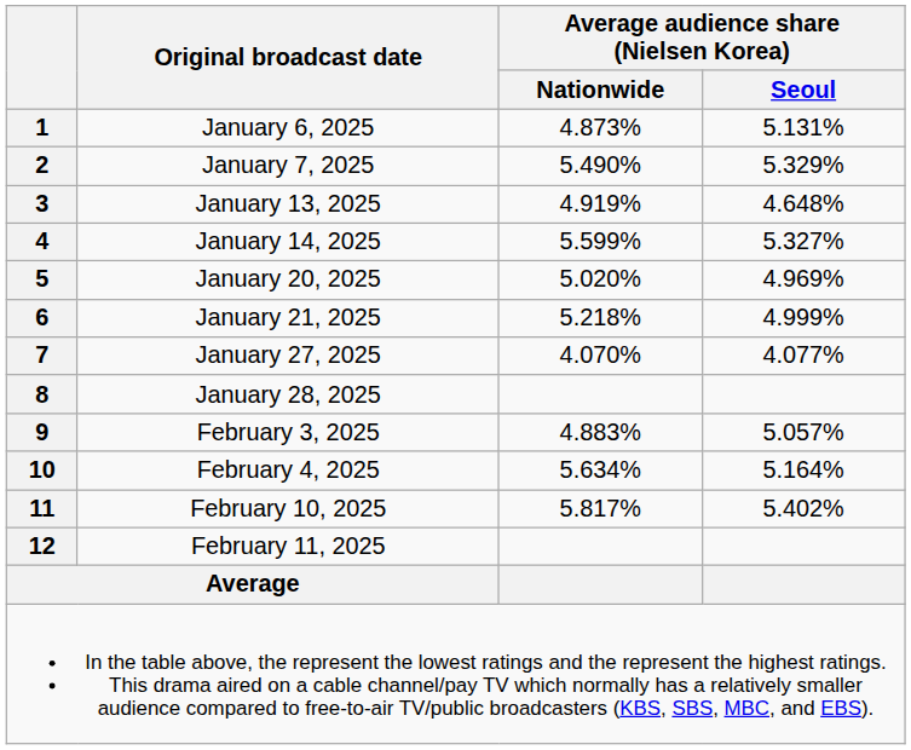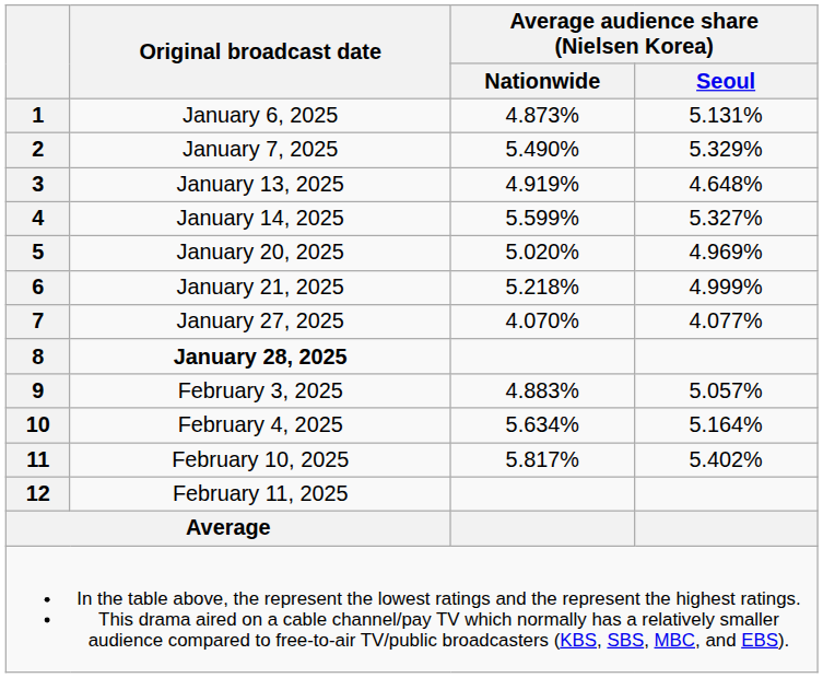 <table class="wikitable" style="margin-left:auto; margin-right:auto; width:600px; text-align:center">
 <tr>
 <th scope="col" rowspan="2"></th>
 <th scope="col" rowspan="2">Original broadcast date</th>
 <th scope="col" colspan="2">Average audience share<br>(Nielsen Korea)</th>
 </tr>
 <tr>
 <th scope="col" style="width:8em">Nationwide</th>
 <th scope="col" style="width:8em"><a href='#'>Seoul</a></th>
 </tr>
 <tr>
 <th scope="row">1</th>
 <td>January 6, 2025</td>
 <td>4.873% </td>
 <td>5.131% </td>
 </tr>
 <tr>
 <th scope="row">2</th>
 <td>January 7, 2025</td>
 <td>5.490% </td>
 <td>5.329% </td>
 </tr>
 <tr>
 <th scope="row">3</th>
 <td>January 13, 2025</td>
 <td>4.919% </td>
 <td>4.648% </td>
 </tr>
 <tr>
 <th scope="row">4</th>
 <td>January 14, 2025</td>
 <td>5.599% </td>
 <td>5.327% </td>
 </tr>
 <tr>
 <th scope="row">5</th>
 <td>January 20, 2025</td>
 <td>5.020% </td>
 <td>4.969% </td>
 </tr>
 <tr>
 <th scope="row">6</th>
 <td>January 21, 2025</td>
 <td>5.218% </td>
 <td>4.999% </td>
 </tr>
 <tr>
 <th scope="row">7</th>
 <td>January 27, 2025</td>
 <td>4.070% </td>
 <td>4.077% </td>
 </tr>
 <tr>
 <th scope="row">8</th>
-<td>January 28, 2025</td>
+<td><strong>January 28, 2025</strong></td>
 <td><strong></strong> </td>
 <td><strong></strong> </td>
 </tr>
 <tr>
 <th scope="row">9</th>
 <td>February 3, 2025</td>
 <td>4.883% </td>
 <td>5.057% </td>
 </tr>
 <tr>
 <th scope="row">10</th>
 <td>February 4, 2025</td>
 <td>5.634% </td>
 <td>5.164% </td>
 </tr>
 <tr>
 <th scope="row">11</th>
 <td>February 10, 2025</td>
 <td>5.817% </td>
 <td>5.402% </td>
 </tr>
 <tr>
 <th scope="row">12</th>
 <td>February 11, 2025</td>
 <td><strong></strong> </td>
 <td><strong></strong> </td>
 </tr>
 <tr>
 <th scope="col" colspan="2">Average</th>
 <th scope="col"></th>
 <th scope="col"></th>
 </tr>
 <tr>
 <td colspan="4" style="font-size:85%"><br><ul><li>In the table above, the <strong></strong> represent the lowest ratings and the <strong></strong> represent the highest ratings.</li><li>This drama aired on a cable channel/pay TV which normally has a relatively smaller audience compared to free-to-air TV/public broadcasters (<a href='#'>KBS</a>, <a href='#'>SBS</a>, <a href='#'>MBC</a>, and <a href='#'>EBS</a>).</li></ul></td>
 </tr>
 </table>
